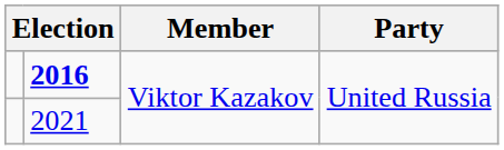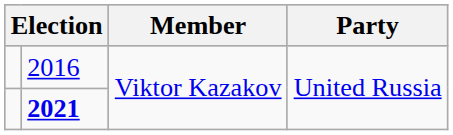 <table class="wikitable">
 <tr>
 <th colspan="2">Election</th>
 <th>Member</th>
 <th>Party</th>
 </tr>
 <tr>
 <td style="background-color:"></td>
-<td><strong><a href='#'>2016</a></strong></td>
+<td><a href='#'>2016</a></td>
 <td rowspan=2><a href='#'>Viktor Kazakov</a></td>
 <td rowspan=2><a href='#'>United Russia</a></td>
 </tr>
 <tr>
 <td style="background-color:"></td>
-<td><a href='#'>2021</a></td>
+<td><strong><a href='#'>2021</a></strong></td>
 </tr>
 </table>
